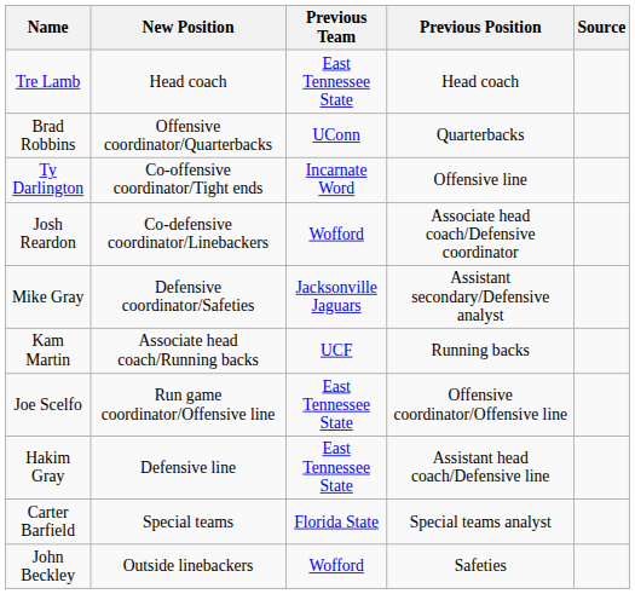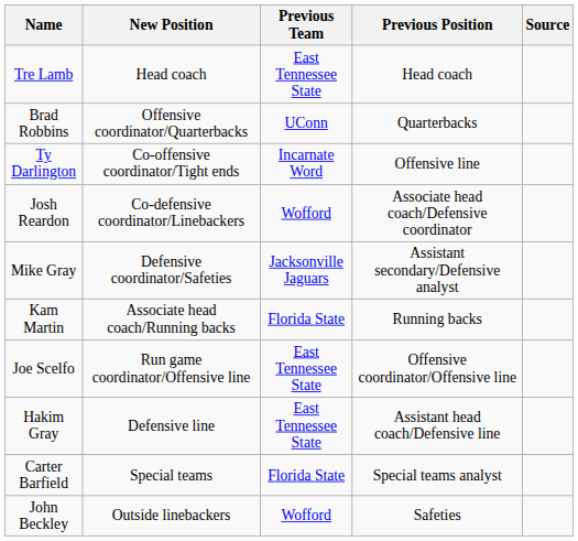 <table class="wikitable">
 <tr>
 <th style="text-align:center; ">Name</th>
 <th style="text-align:center; ">New Position</th>
 <th style="text-align:center; ">Previous Team</th>
 <th style="text-align:center; ">Previous Position</th>
 <th style="text-align:center; ">Source</th>
 </tr>
 <tr align="center">
 <td><a href='#'>Tre Lamb</a></td>
 <td>Head coach</td>
 <td><a href='#'>East Tennessee State</a></td>
 <td>Head coach</td>
 <td></td>
 </tr>
 <tr align="center">
 <td>Brad Robbins</td>
 <td>Offensive coordinator/Quarterbacks</td>
 <td><a href='#'>UConn</a></td>
 <td>Quarterbacks</td>
 <td></td>
 </tr>
 <tr align="center">
 <td><a href='#'>Ty Darlington</a></td>
 <td>Co-offensive coordinator/Tight ends</td>
 <td><a href='#'>Incarnate Word</a></td>
 <td>Offensive line</td>
 <td></td>
 </tr>
 <tr align="center">
 <td>Josh Reardon</td>
 <td>Co-defensive coordinator/Linebackers</td>
 <td><a href='#'>Wofford</a></td>
 <td>Associate head coach/Defensive coordinator</td>
 <td></td>
 </tr>
 <tr align="center">
 <td>Mike Gray</td>
 <td>Defensive coordinator/Safeties</td>
 <td><a href='#'>Jacksonville Jaguars</a></td>
 <td>Assistant secondary/Defensive analyst</td>
 <td></td>
 </tr>
 <tr align="center">
 <td>Kam Martin</td>
 <td>Associate head coach/Running backs</td>
-<td><a href='#'>UCF</a></td>
+<td><a href='#'>Florida State</a></td>
 <td>Running backs</td>
 <td></td>
 </tr>
 <tr align="center">
 <td>Joe Scelfo</td>
 <td>Run game coordinator/Offensive line</td>
 <td><a href='#'>East Tennessee State</a></td>
 <td>Offensive coordinator/Offensive line</td>
 <td></td>
 </tr>
 <tr align="center">
 <td>Hakim Gray</td>
 <td>Defensive line</td>
 <td><a href='#'>East Tennessee State</a></td>
 <td>Assistant head coach/Defensive line</td>
 <td></td>
 </tr>
 <tr align="center">
 <td>Carter Barfield</td>
 <td>Special teams</td>
 <td><a href='#'>Florida State</a></td>
 <td>Special teams analyst</td>
 <td></td>
 </tr>
 <tr align="center">
 <td>John Beckley</td>
 <td>Outside linebackers</td>
 <td><a href='#'>Wofford</a></td>
 <td>Safeties</td>
 <td></td>
 </tr>
 </table>
